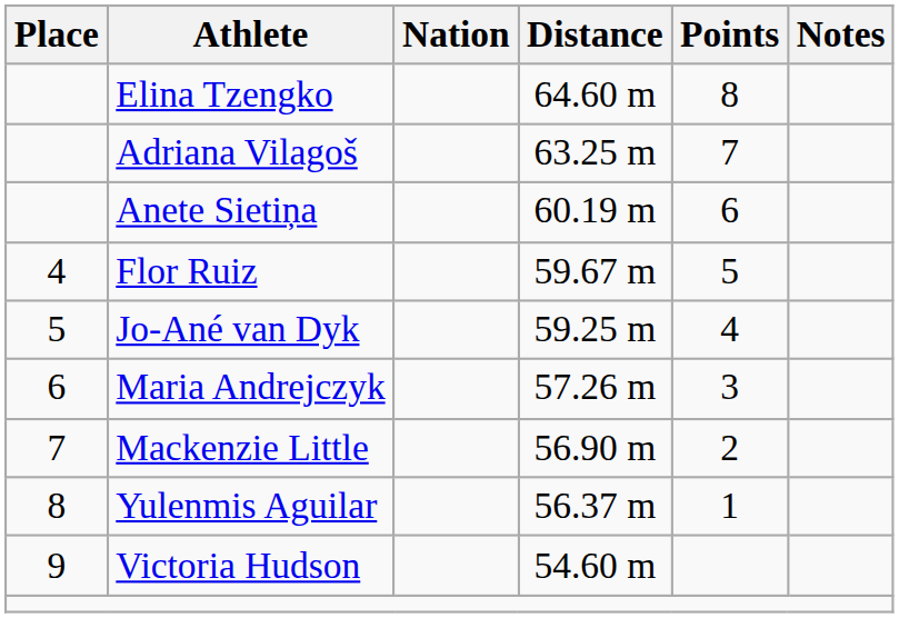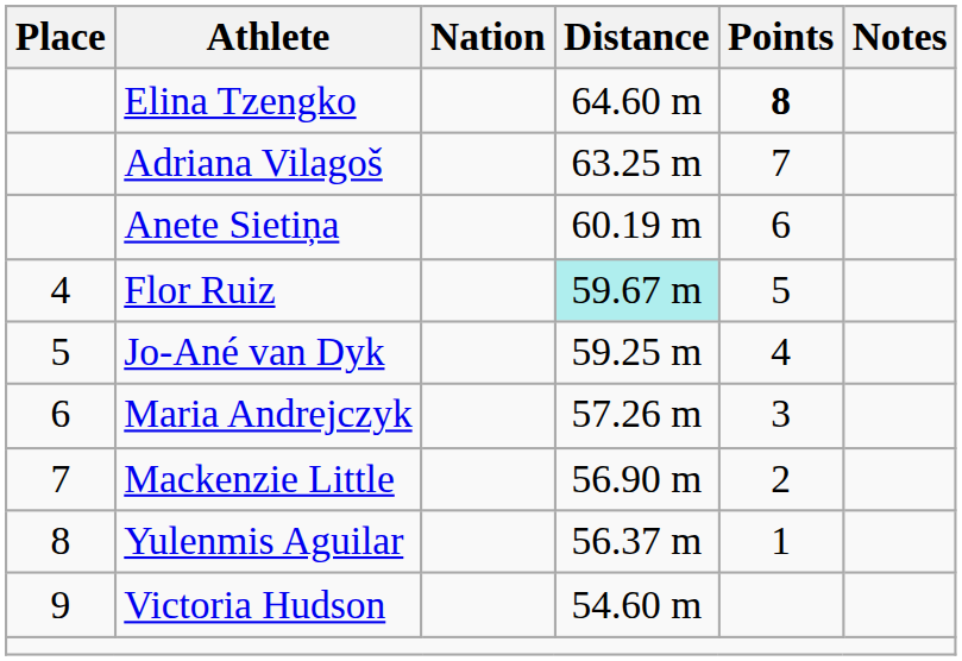 <table class="wikitable mw-datatable sortable" style="text-align:center;">
 <tr>
 <th scope="col">Place</th>
 <th scope="col">Athlete</th>
 <th scope="col">Nation</th>
 <th scope="col">Distance</th>
 <th scope="col">Points</th>
 <th scope="col">Notes</th>
 </tr>
 <tr>
 <td></td>
 <td align="left"><a href='#'>Elina Tzengko</a></td>
 <td align="left"></td>
 <td>64.60 m</td>
-<td>8</td>
+<td><strong>8</strong></td>
 <td></td>
 </tr>
 <tr>
 <td></td>
 <td align="left"><a href='#'>Adriana Vilagoš</a></td>
 <td align="left"></td>
 <td>63.25 m</td>
 <td>7</td>
 <td></td>
 </tr>
 <tr>
 <td></td>
 <td align="left"><a href='#'>Anete Sietiņa</a></td>
 <td align="left"></td>
 <td>60.19 m</td>
 <td>6</td>
 <td></td>
 </tr>
 <tr>
 <td>4</td>
 <td align="left"><a href='#'>Flor Ruiz</a></td>
 <td align="left"></td>
-<td>59.67 m</td>
+<td style="background: paleturquoise;">59.67 m</td>
 <td>5</td>
 <td></td>
 </tr>
 <tr>
 <td>5</td>
 <td align="left"><a href='#'>Jo-Ané van Dyk</a></td>
 <td align="left"></td>
 <td>59.25 m</td>
 <td>4</td>
 <td></td>
 </tr>
 <tr>
 <td>6</td>
 <td align="left"><a href='#'>Maria Andrejczyk</a></td>
 <td align="left"></td>
 <td>57.26 m</td>
 <td>3</td>
 <td></td>
 </tr>
 <tr>
 <td>7</td>
 <td align="left"><a href='#'>Mackenzie Little</a></td>
 <td align="left"></td>
 <td>56.90 m</td>
 <td>2</td>
 <td></td>
 </tr>
 <tr>
 <td>8</td>
 <td align="left"><a href='#'>Yulenmis Aguilar</a></td>
 <td align="left"></td>
 <td>56.37 m</td>
 <td>1</td>
 <td></td>
 </tr>
 <tr>
 <td>9</td>
 <td align="left"><a href='#'>Victoria Hudson</a></td>
 <td align="left"></td>
 <td>54.60 m</td>
 <td></td>
 <td></td>
 </tr>
 <tr class="sortbottom">
 <td colspan="6"></td>
 </tr>
 </table>
